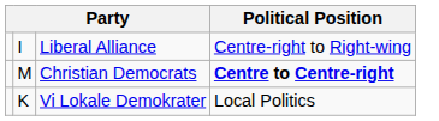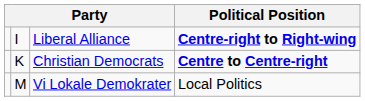 <table class="wikitable mw-collapsible mw-collapsed">
 <tr>
 <th colspan="3">Party</th>
 <th>Political Position</th>
 </tr>
 <tr>
 <td></td>
 <td>I</td>
 <td><a href='#'>Liberal Alliance</a></td>
-<td><a href='#'>Centre-right</a> to <a href='#'>Right-wing</a></td>
+<td><strong><a href='#'>Centre-right</a> to <a href='#'>Right-wing</a></strong></td>
 </tr>
 <tr>
 <td></td>
-<td>M</td>
+<td>K</td>
 <td><a href='#'>Christian Democrats</a></td>
 <td><strong><a href='#'>Centre</a> to <a href='#'>Centre-right</a></strong></td>
 </tr>
 <tr>
 <td></td>
-<td>K</td>
+<td>M</td>
 <td><a href='#'>Vi Lokale Demokrater</a></td>
 <td>Local Politics</td>
 </tr>
 </table>
